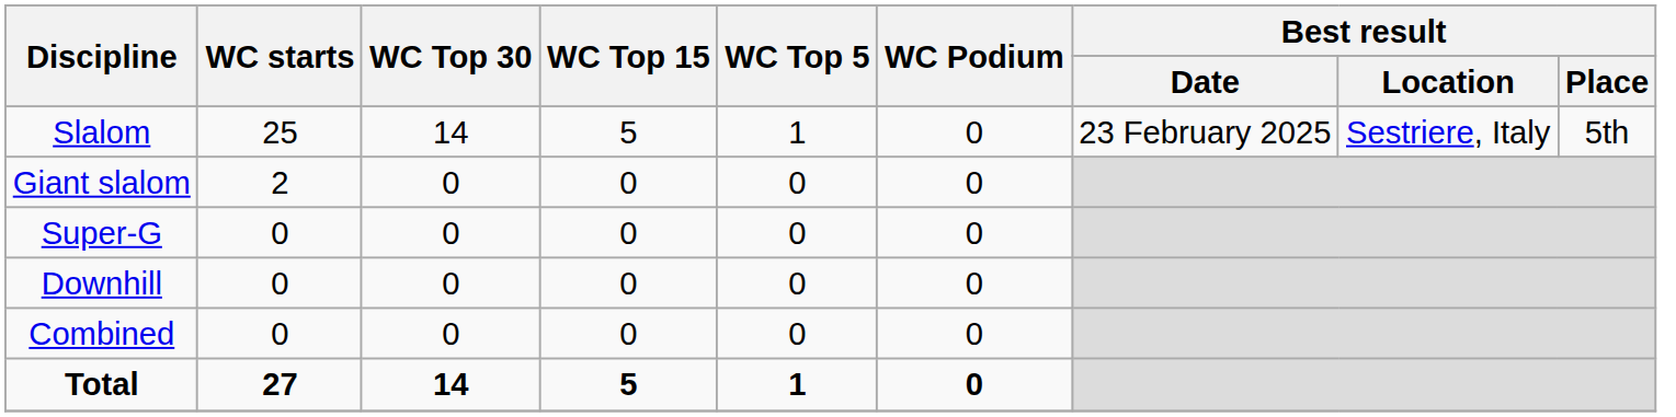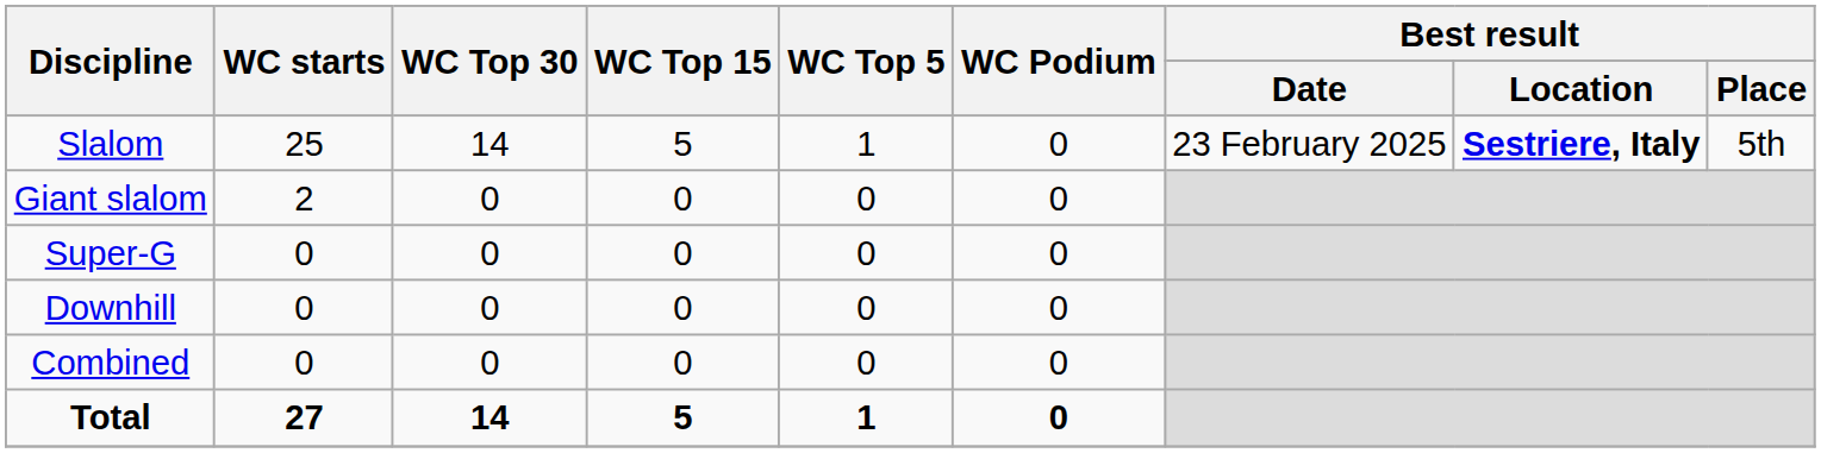 <table class="wikitable" style="text-align:center; font-size:95%;">
 <tr>
 <th rowspan=2>Discipline</th>
 <th rowspan=2>WC starts</th>
 <th rowspan=2>WC Top 30</th>
 <th rowspan=2>WC Top 15</th>
 <th rowspan=2>WC Top 5</th>
 <th rowspan=2>WC Podium</th>
 <th colspan=3>Best result</th>
 </tr>
 <tr>
 <th>Date</th>
 <th>Location</th>
 <th>Place</th>
 </tr>
 <tr>
 <td align=center><a href='#'>Slalom</a></td>
 <td align=center>25</td>
 <td align=center>14</td>
 <td align=center>5</td>
 <td align=center>1</td>
 <td align=center>0</td>
 <td align=right>23 February 2025</td>
-<td> <a href='#'>Sestriere</a>, Italy</td>
+<td><strong> <a href='#'>Sestriere</a>, Italy</strong></td>
 <td>5th</td>
 </tr>
 <tr>
 <td align=center><a href='#'>Giant slalom</a></td>
 <td align=center>2</td>
 <td align=center>0</td>
 <td align=center>0</td>
 <td align=center>0</td>
 <td align=center>0</td>
 <td colspan=3 bgcolor=#DCDCDC></td>
 </tr>
 <tr>
 <td align=center><a href='#'>Super-G</a></td>
 <td align=center>0</td>
 <td align=center>0</td>
 <td align=center>0</td>
 <td align=center>0</td>
 <td align=center>0</td>
 <td colspan=3 bgcolor=#DCDCDC></td>
 </tr>
 <tr>
 <td align=center><a href='#'>Downhill</a></td>
 <td align=center>0</td>
 <td align=center>0</td>
 <td align=center>0</td>
 <td align=center>0</td>
 <td align=center>0</td>
 <td colspan=3 bgcolor=#DCDCDC></td>
 </tr>
 <tr>
 <td align=center><a href='#'>Combined</a></td>
 <td align=center>0</td>
 <td align=center>0</td>
 <td align=center>0</td>
 <td align=center>0</td>
 <td align=center>0</td>
 <td colspan=3 bgcolor=#DCDCDC></td>
 </tr>
 <tr>
 <td align=center><strong>Total</strong></td>
 <td align=center><strong>27</strong></td>
 <td align=center><strong>14</strong></td>
 <td align=center><strong>5</strong></td>
 <td align=center><strong>1</strong></td>
 <td align=center><strong>0</strong></td>
 <td colspan=3 bgcolor=#DCDCDC></td>
 </tr>
 <tr>
 </tr>
 </table>
